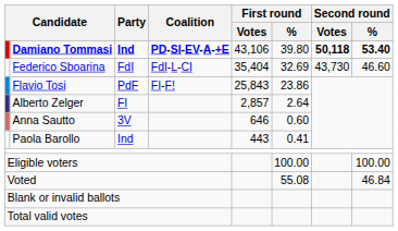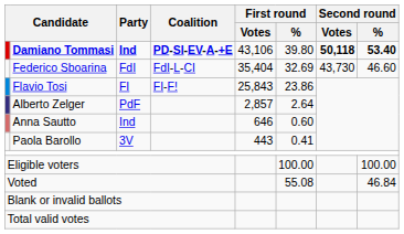 <table class="wikitable centre">
 <tr>
 <th scope="col" rowspan=2 colspan=2>Candidate</th>
 <th scope="col" rowspan=2 colspan=1>Party</th>
 <th scope="col" rowspan=2 colspan=1>Coalition</th>
 <th scope="col" colspan=2>First round</th>
 <th scope="col" colspan=2>Second round</th>
 </tr>
 <tr>
 <th scope="col">Votes</th>
 <th scope="col">%</th>
 <th scope="col">Votes</th>
 <th scope="col">%</th>
 </tr>
 <tr>
 <td bgcolor="#dd0000"></td>
 <td><strong><a href='#'>Damiano Tommasi</a></strong></td>
 <td><strong><a href='#'>Ind</a></strong></td>
 <td><strong><a href='#'>PD</a>-<a href='#'>SI</a>-<a href='#'>EV</a>-<a href='#'>A</a>-<a href='#'>+E</a></strong></td>
 <td style="text-align: right">43,106</td>
 <td style="text-align: right">39.80</td>
 <td style="text-align: right"><strong>50,118</strong></td>
 <td style="text-align: right"><strong>53.40</strong></td>
 </tr>
 <tr>
 <td></td>
 <td><a href='#'>Federico Sboarina</a></td>
 <td><a href='#'>FdI</a></td>
 <td><a href='#'>FdI</a>-<a href='#'>L</a>-<a href='#'>CI</a></td>
 <td style="text-align: right">35,404</td>
 <td style="text-align: right">32.69</td>
 <td style="text-align: right">43,730</td>
 <td style="text-align: right">46.60</td>
 </tr>
 <tr>
 <td bgcolor="#0087DC"></td>
 <td><a href='#'>Flavio Tosi</a></td>
-<td><a href='#'>PdF</a></td>
+<td><a href='#'>FI</a></td>
 <td><a href='#'>FI</a>-<a href='#'>F!</a></td>
 <td style="text-align: right">25,843</td>
 <td style="text-align: right">23.86</td>
 </tr>
 <tr>
 <td bgcolor="#342D7E"></td>
 <td>Alberto Zelger</td>
-<td><a href='#'>FI</a></td>
+<td><a href='#'>PdF</a></td>
 <td></td>
 <td style="text-align: right">2,857</td>
 <td style="text-align: right">2.64</td>
 </tr>
 <tr>
 <td bgcolor="#D56A6A"></td>
 <td>Anna Sautto</td>
-<td><a href='#'>3V</a></td>
+<td><a href='#'>Ind</a></td>
 <td></td>
 <td style="text-align: right">646</td>
 <td style="text-align: right">0.60</td>
 </tr>
 <tr>
 <td bgcolor=""></td>
 <td>Paola Barollo</td>
-<td><a href='#'>Ind</a></td>
+<td><a href='#'>3V</a></td>
 <td></td>
 <td style="text-align: right">443</td>
 <td style="text-align: right">0.41</td>
 </tr>
 <tr bgcolor=white>
 <td colspan=8></td>
 </tr>
 <tr>
 <td colspan=4>Eligible voters</td>
 <td style="text-align: right"></td>
 <td style="text-align: right">100.00</td>
 <td style="text-align: right"></td>
 <td style="text-align: right">100.00</td>
 </tr>
 <tr>
 <td colspan=4>Voted</td>
 <td style="text-align: right"></td>
 <td style="text-align: right">55.08</td>
 <td style="text-align: right"></td>
 <td style="text-align: right">46.84</td>
 </tr>
 <tr>
 <td colspan=4>Blank or invalid ballots</td>
 <td style="text-align: right"></td>
 <td style="text-align: right"></td>
 <td style="text-align: right"></td>
 <td style="text-align: right"></td>
 </tr>
 <tr>
 <td colspan=4>Total valid votes</td>
 <td style="text-align: right"></td>
 <td style="text-align: right"></td>
 <td style="text-align: right"></td>
 <td style="text-align: right"></td>
 </tr>
 </table>
